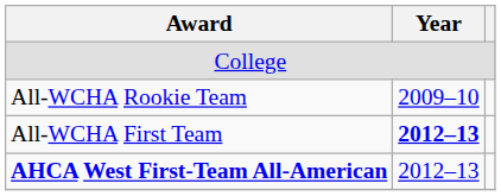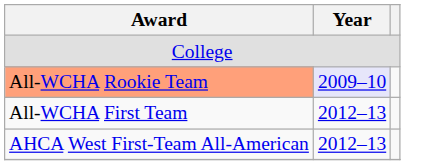 <table class="wikitable">
 <tr>
 <th>Award</th>
 <th>Year</th>
 <th></th>
 </tr>
 <tr ALIGN="center" bgcolor="#e0e0e0">
 <td colspan="3"><a href='#'>College</a></td>
 </tr>
 <tr>
-<td>All-<a href='#'>WCHA</a> <a href='#'>Rookie Team</a></td>
-<td><a href='#'>2009–10</a></td>
+<td style="background: lightsalmon;">All-<a href='#'>WCHA</a> <a href='#'>Rookie Team</a></td>
+<td style="background: lavender;"><a href='#'>2009–10</a></td>
 <td></td>
 </tr>
 <tr>
 <td>All-<a href='#'>WCHA</a> <a href='#'>First Team</a></td>
-<td><strong><a href='#'>2012–13</a></strong></td>
+<td><a href='#'>2012–13</a></td>
 <td></td>
 </tr>
 <tr>
-<td><strong><a href='#'>AHCA</a> <a href='#'>West First-Team All-American</a></strong></td>
+<td><a href='#'>AHCA</a> <a href='#'>West First-Team All-American</a></td>
 <td><a href='#'>2012–13</a></td>
 <td></td>
 </tr>
 <tr>
 </tr>
 </table>
